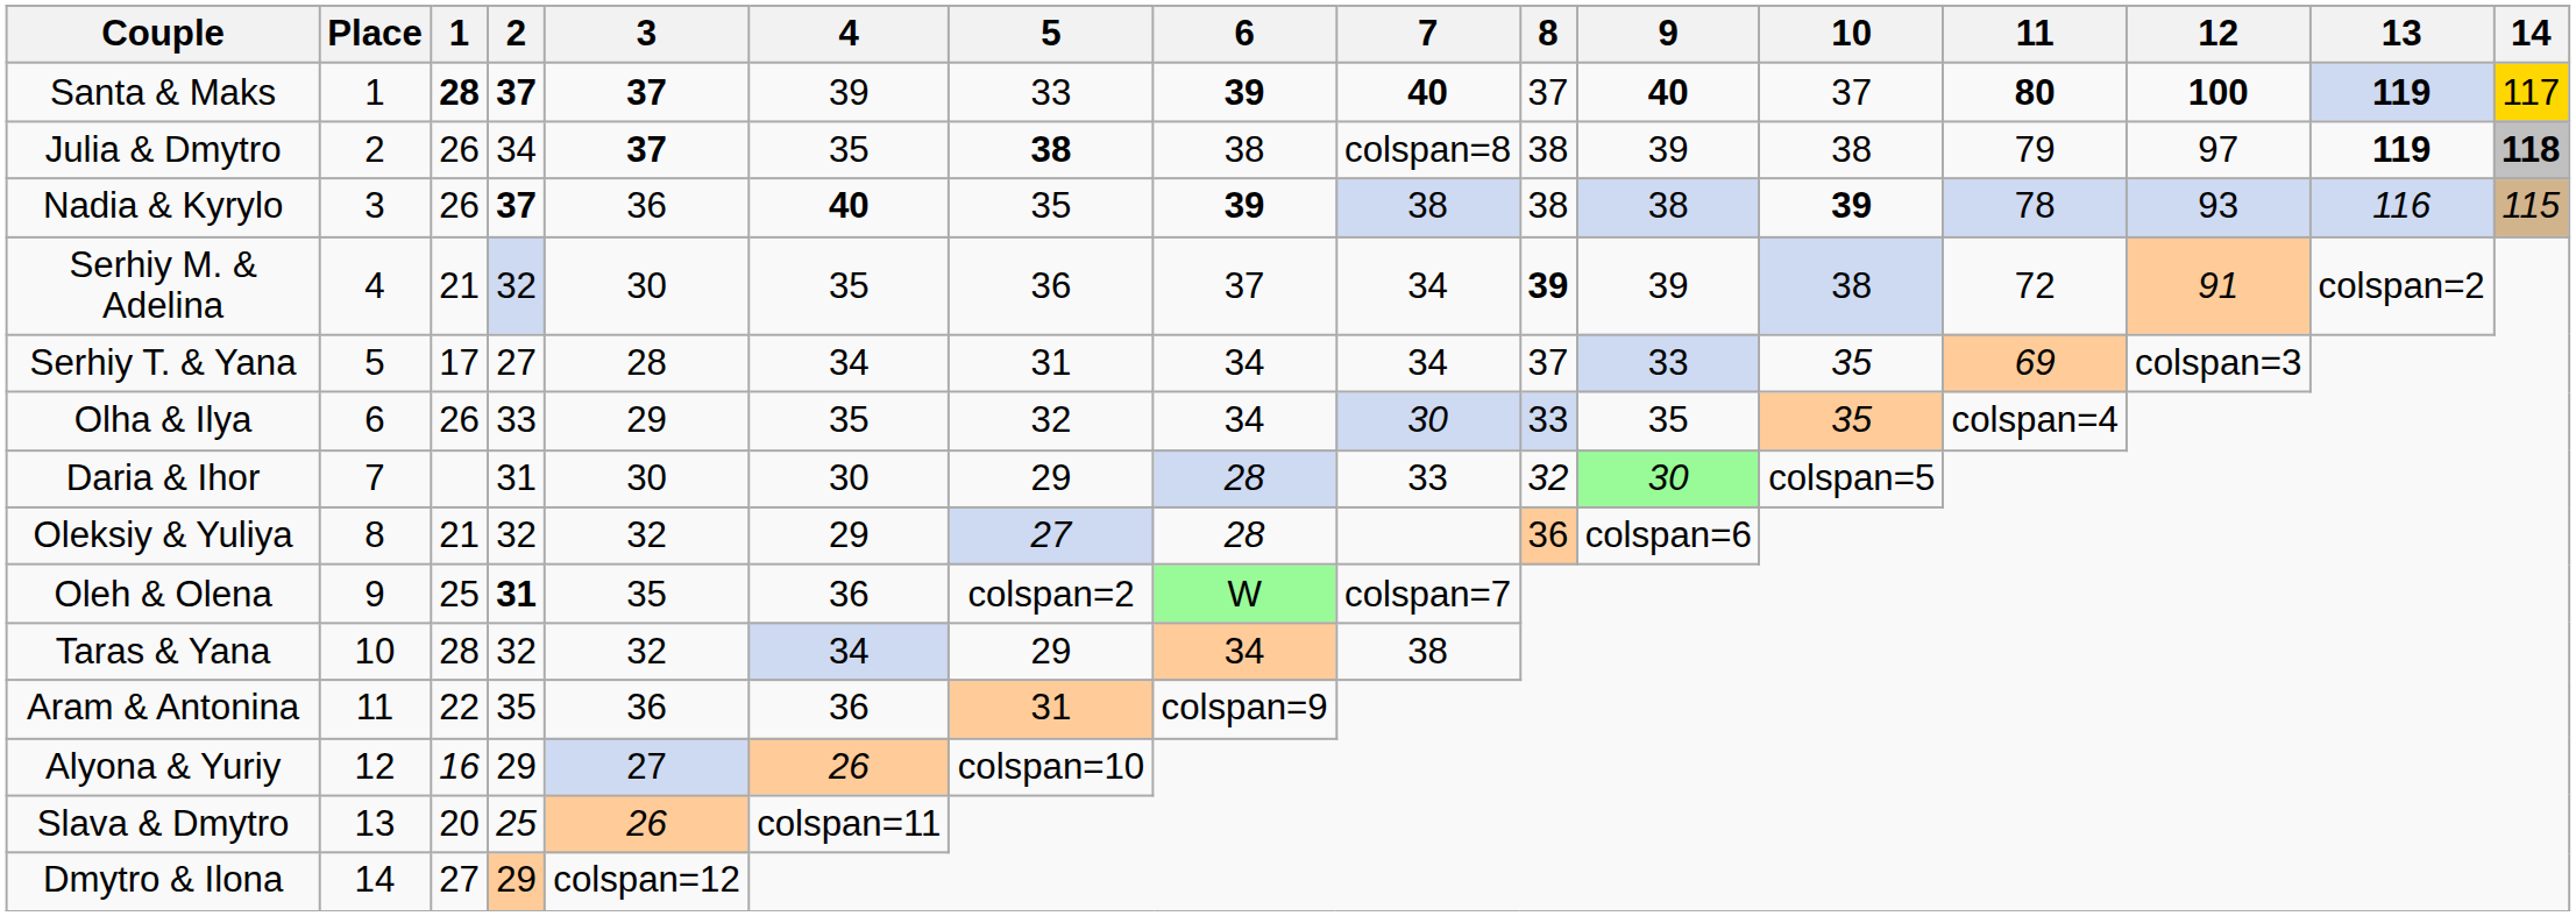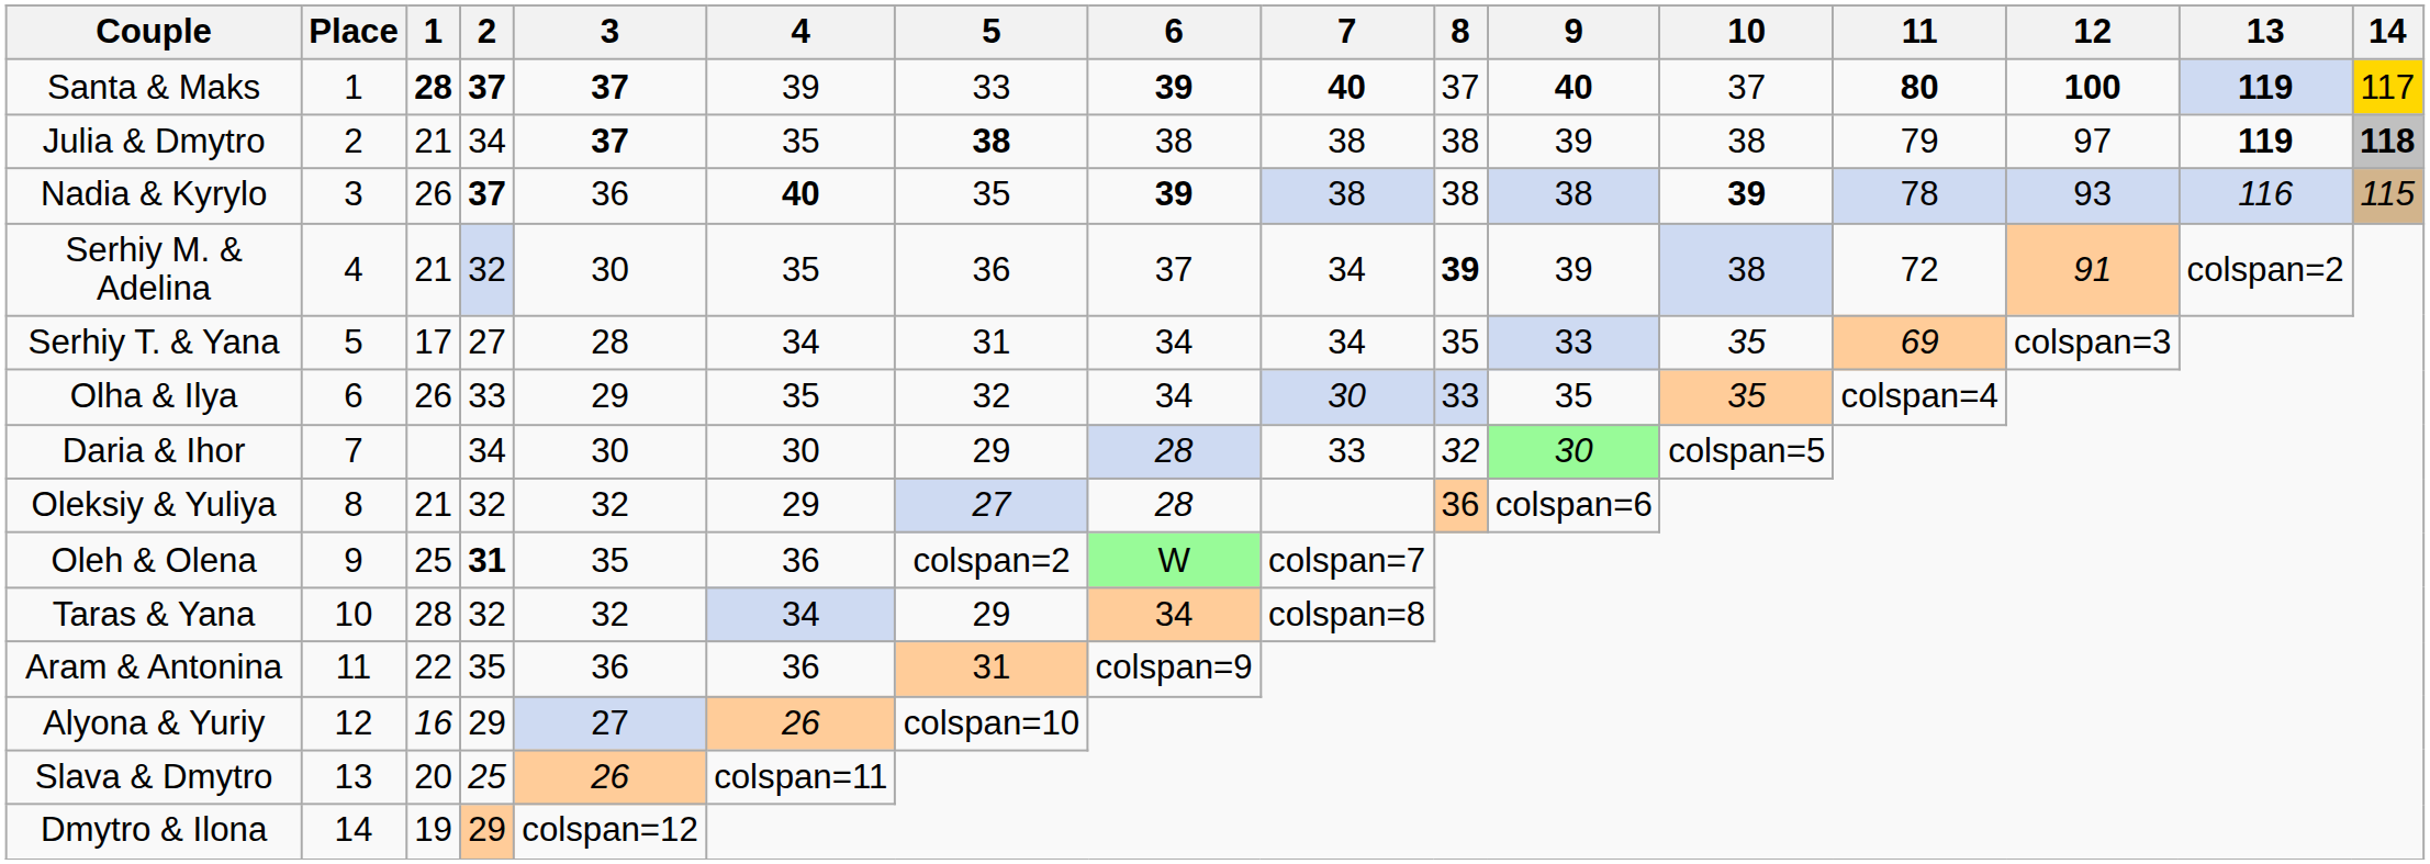 <table class="wikitable sortable" style="margin:auto; text-align: center; white-space:norwrap;">
 <tr>
 <th width="130">Couple</th>
 <th>Place</th>
 <th>1</th>
 <th>2</th>
 <th>3</th>
 <th>4</th>
 <th>5</th>
 <th>6</th>
 <th>7</th>
 <th>8</th>
 <th>9</th>
 <th>10</th>
 <th>11</th>
 <th>12</th>
 <th>13</th>
 <th>14</th>
 </tr>
 <tr>
 <td>Santa & Maks</td>
 <td>1</td>
 <td><span><strong>28</strong></span></td>
 <td><span><strong>37</strong></span></td>
 <td><span><strong>37</strong></span></td>
 <td>39</td>
 <td>33</td>
 <td><span><strong>39</strong></span></td>
 <td><span><strong>40</strong></span></td>
 <td>37</td>
 <td><span><strong>40</strong></span></td>
 <td>37</td>
 <td><span><strong>80</strong></span></td>
 <td><span><strong>100</strong></span></td>
 <td style="background:#CEDAF2;"><span><strong>119</strong></span></td>
 <td style="background:gold;">117</td>
 </tr>
 <tr>
 <td>Julia & Dmytro</td>
 <td>2</td>
-<td>26</td>
+<td>21</td>
 <td>34</td>
 <td><span><strong>37</strong></span></td>
 <td>35</td>
 <td><span><strong>38</strong></span></td>
 <td>38</td>
-<td>colspan=8 </td>
+<td>38</td>
 <td>38</td>
 <td>39</td>
 <td>38</td>
 <td>79</td>
 <td>97</td>
 <td><span><strong>119</strong></span></td>
 <td style="background:silver;"><span><strong>118</strong></span></td>
 </tr>
 <tr>
 <td>Nadia & Kyrylo</td>
 <td>3</td>
 <td>26</td>
 <td><span><strong>37</strong></span></td>
 <td>36</td>
 <td><span><strong>40</strong></span></td>
 <td>35</td>
 <td><span><strong>39</strong></span></td>
 <td style="background:#CEDAF2;">38</td>
 <td>38</td>
 <td style="background:#CEDAF2;">38</td>
 <td><span><strong>39</strong></span></td>
 <td style="background:#CEDAF2;">78</td>
 <td style="background:#CEDAF2;">93</td>
 <td style="background:#CEDAF2;"><span><em>116</em></span></td>
 <td style="background:tan;"><span><em>115</em></span></td>
 </tr>
 <tr>
 <td>Serhiy M. & Adelina</td>
 <td>4</td>
 <td>21</td>
 <td style="background:#CEDAF2;">32</td>
 <td>30</td>
 <td>35</td>
 <td>36</td>
 <td>37</td>
 <td>34</td>
 <td><span><strong>39</strong></span></td>
 <td>39</td>
 <td style="background:#CEDAF2;">38</td>
 <td>72</td>
 <td style="background:#FFCC99;"><span><em>91</em></span></td>
 <td>colspan=2 </td>
 </tr>
 <tr>
 <td>Serhiy T. & Yana</td>
 <td>5</td>
 <td>17</td>
 <td>27</td>
 <td>28</td>
 <td>34</td>
 <td>31</td>
 <td>34</td>
 <td>34</td>
-<td>37</td>
+<td>35</td>
 <td style="background:#CEDAF2;">33</td>
 <td><span><em>35</em></span></td>
 <td style="background:#FFCC99;"><span><em>69</em></span></td>
 <td>colspan=3 </td>
 </tr>
 <tr>
 <td>Olha & Ilya</td>
 <td>6</td>
 <td>26</td>
 <td>33</td>
 <td>29</td>
 <td>35</td>
 <td>32</td>
 <td>34</td>
 <td style="background:#CEDAF2;"><span><em>30</em></span></td>
 <td style="background:#CEDAF2;">33</td>
 <td>35</td>
 <td style="background:#FFCC99;"><span><em>35</em></span></td>
 <td>colspan=4 </td>
 </tr>
 <tr>
 <td>Daria & Ihor</td>
 <td>7</td>
 <td></td>
-<td>31</td>
+<td>34</td>
 <td>30</td>
 <td>30</td>
 <td>29</td>
 <td style="background:#CEDAF2;"><span><em>28</em></span></td>
 <td>33</td>
 <td><span><em>32</em></span></td>
 <td style="background:palegreen;"><span><em>30</em></span></td>
 <td>colspan=5 </td>
 </tr>
 <tr>
 <td>Oleksiy & Yuliya</td>
 <td>8</td>
 <td>21</td>
 <td>32</td>
 <td>32</td>
 <td>29</td>
 <td style="background:#CEDAF2;"><span><em>27</em></span></td>
 <td><span><em>28</em></span></td>
 <td></td>
 <td style="background:#FFCC99;">36</td>
 <td>colspan=6 </td>
 </tr>
 <tr>
 <td>Oleh & Olena</td>
 <td>9</td>
 <td>25</td>
 <td><strong>31</strong></td>
 <td>35</td>
 <td>36</td>
 <td>colspan=2 </td>
 <td style="background:palegreen;">W</td>
 <td>colspan=7 </td>
 </tr>
 <tr>
 <td>Taras & Yana</td>
 <td>10</td>
 <td>28</td>
 <td>32</td>
 <td>32</td>
 <td style="background:#CEDAF2;">34</td>
 <td>29</td>
 <td style="background:#FFCC99;">34</td>
-<td>38</td>
+<td>colspan=8 </td>
 </tr>
 <tr>
 <td>Aram & Antonina</td>
 <td>11</td>
 <td>22</td>
 <td>35</td>
 <td>36</td>
 <td>36</td>
 <td style="background:#FFCC99;">31</td>
 <td>colspan=9 </td>
 </tr>
 <tr>
 <td>Alyona & Yuriy</td>
 <td>12</td>
 <td><span><em>16</em></span></td>
 <td>29</td>
 <td style="background:#CEDAF2;">27</td>
 <td style="background:#FFCC99;"><span><em>26</em></span></td>
 <td>colspan=10 </td>
 </tr>
 <tr>
 <td>Slava & Dmytro</td>
 <td>13</td>
 <td>20</td>
 <td><span><em>25</em></span></td>
 <td style="background:#FFCC99;"><span><em>26</em></span></td>
 <td>colspan=11 </td>
 </tr>
 <tr>
 <td>Dmytro & Ilona</td>
 <td>14</td>
-<td>27</td>
+<td>19</td>
 <td style="background:#FFCC99;">29</td>
 <td>colspan=12 </td>
 </tr>
 <tr>
 </tr>
 </table>
